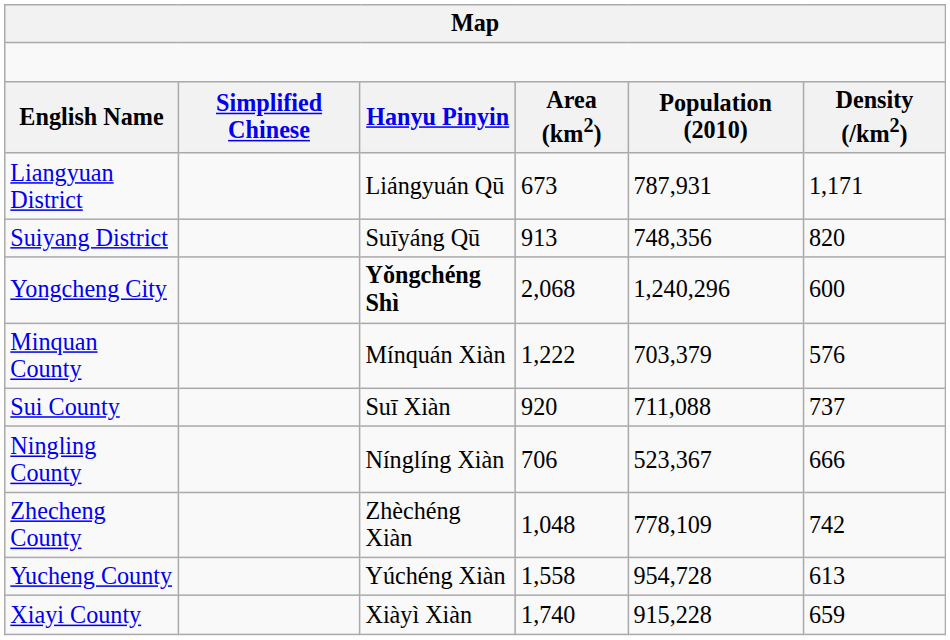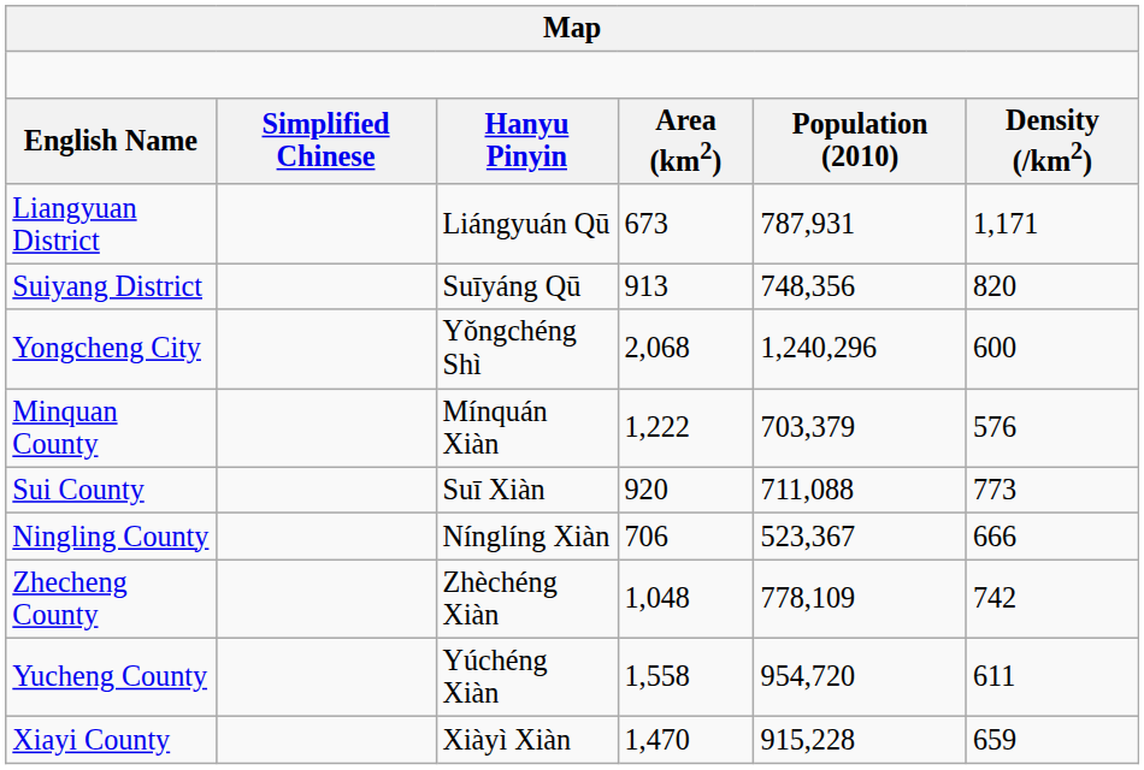 <table class="wikitable" style="margin:auto;">
 <tr>
 <th colspan=6>Map</th>
 </tr>
 <tr>
 <td colspan=6><div><br>            </div></td>
 </tr>
 <tr>
 <th>English Name</th>
 <th><a href='#'>Simplified Chinese</a></th>
 <th><a href='#'>Hanyu Pinyin</a></th>
 <th>Area (km<sup>2</sup>)</th>
 <th>Population (2010)</th>
 <th>Density (/km<sup>2</sup>)</th>
 </tr>
 <tr>
 <td><a href='#'>Liangyuan District</a></td>
 <td></td>
 <td>Liángyuán Qū</td>
 <td>673</td>
 <td>787,931</td>
 <td>1,171</td>
 </tr>
 <tr>
 <td><a href='#'>Suiyang District</a></td>
 <td></td>
 <td>Suīyáng Qū</td>
 <td>913</td>
 <td>748,356</td>
 <td>820</td>
 </tr>
 <tr>
 <td><a href='#'>Yongcheng City</a></td>
 <td></td>
-<td><strong>Yǒngchéng Shì</strong></td>
+<td>Yǒngchéng Shì</td>
 <td>2,068</td>
 <td>1,240,296</td>
 <td>600</td>
 </tr>
 <tr>
 <td><a href='#'>Minquan County</a></td>
 <td></td>
 <td>Mínquán Xiàn</td>
 <td>1,222</td>
 <td>703,379</td>
 <td>576</td>
 </tr>
 <tr>
 <td><a href='#'>Sui County</a></td>
 <td></td>
 <td>Suī Xiàn</td>
 <td>920</td>
 <td>711,088</td>
-<td>737</td>
+<td>773</td>
 </tr>
 <tr>
 <td><a href='#'>Ningling County</a></td>
 <td></td>
 <td>Nínglíng Xiàn</td>
 <td>706</td>
 <td>523,367</td>
 <td>666</td>
 </tr>
 <tr>
 <td><a href='#'>Zhecheng County</a></td>
 <td></td>
 <td>Zhèchéng Xiàn</td>
 <td>1,048</td>
 <td>778,109</td>
 <td>742</td>
 </tr>
 <tr>
 <td><a href='#'>Yucheng County</a></td>
 <td></td>
 <td>Yúchéng Xiàn</td>
 <td>1,558</td>
-<td>954,728</td>
-<td>613</td>
+<td>954,720</td>
+<td>611</td>
 </tr>
 <tr>
 <td><a href='#'>Xiayi County</a></td>
 <td></td>
 <td>Xiàyì Xiàn</td>
-<td>1,740</td>
+<td>1,470</td>
 <td>915,228</td>
 <td>659</td>
 </tr>
 </table>
